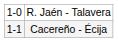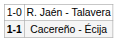 <table class="wikitable">
 <tr align=center bgcolor=white>
 <td>1-0</td>
 <td>R. Jaén - Talavera</td>
 </tr>
 <tr align=center bgcolor=#F5F5F5>
-<td>1-1</td>
+<td><strong>1-1</strong></td>
 <td>Cacereño - Écija</td>
 </tr>
 </table>
